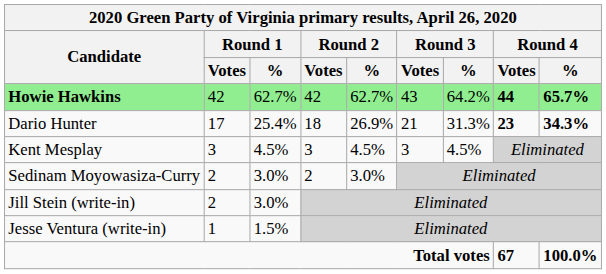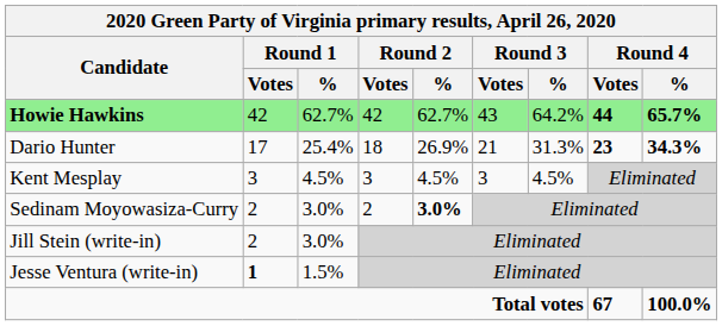 <table class="wikitable">
 <tr>
 <th colspan="16">2020 Green Party of Virginia primary results, April 26, 2020</th>
 </tr>
 <tr>
 <th colspan="1" rowspan="2">Candidate</th>
 <th colspan="2">Round 1</th>
 <th colspan="2">Round 2</th>
 <th colspan="2">Round 3</th>
 <th colspan="2">Round 4</th>
 </tr>
 <tr>
 <th>Votes</th>
 <th>%</th>
 <th>Votes</th>
 <th>%</th>
 <th>Votes</th>
 <th>%</th>
 <th>Votes</th>
 <th>%</th>
 </tr>
 <tr style="background:lightgreen;">
 <td><strong>Howie Hawkins</strong></td>
 <td>42</td>
 <td>62.7%</td>
 <td>42</td>
 <td>62.7%</td>
 <td>43</td>
 <td>64.2%</td>
 <td><strong>44</strong></td>
 <td><strong>65.7%</strong></td>
 </tr>
 <tr>
 <td>Dario Hunter</td>
 <td>17</td>
 <td>25.4%</td>
 <td>18</td>
 <td>26.9%</td>
 <td>21</td>
 <td>31.3%</td>
 <td><strong>23</strong></td>
 <td><strong>34.3%</strong></td>
 </tr>
 <tr>
 <td>Kent Mesplay</td>
 <td>3</td>
 <td>4.5%</td>
 <td>3</td>
 <td>4.5%</td>
 <td>3</td>
 <td>4.5%</td>
 <td colspan=2 bgcolor=lightgray align=center><em>Eliminated</em></td>
 </tr>
 <tr>
 <td>Sedinam Moyowasiza-Curry</td>
 <td>2</td>
 <td>3.0%</td>
 <td>2</td>
-<td>3.0%</td>
+<td><strong>3.0%</strong></td>
 <td colspan="4" bgcolor="lightgray" align="center"><em>Eliminated</em></td>
 </tr>
 <tr>
 <td>Jill Stein (write-in)</td>
 <td>2</td>
 <td>3.0%</td>
 <td colspan="8" bgcolor="lightgray" align="center"><em>Eliminated</em></td>
 </tr>
 <tr>
 <td>Jesse Ventura (write-in)</td>
-<td>1</td>
+<td><strong>1</strong></td>
 <td>1.5%</td>
 <td colspan="7" bgcolor="lightgray" align="center"><em>Eliminated</em></td>
 </tr>
 <tr>
 <td colspan="7" align="right"><strong>Total votes</strong></td>
 <td><strong>67</strong></td>
 <td><strong>100.0%</strong></td>
 </tr>
 </table>
